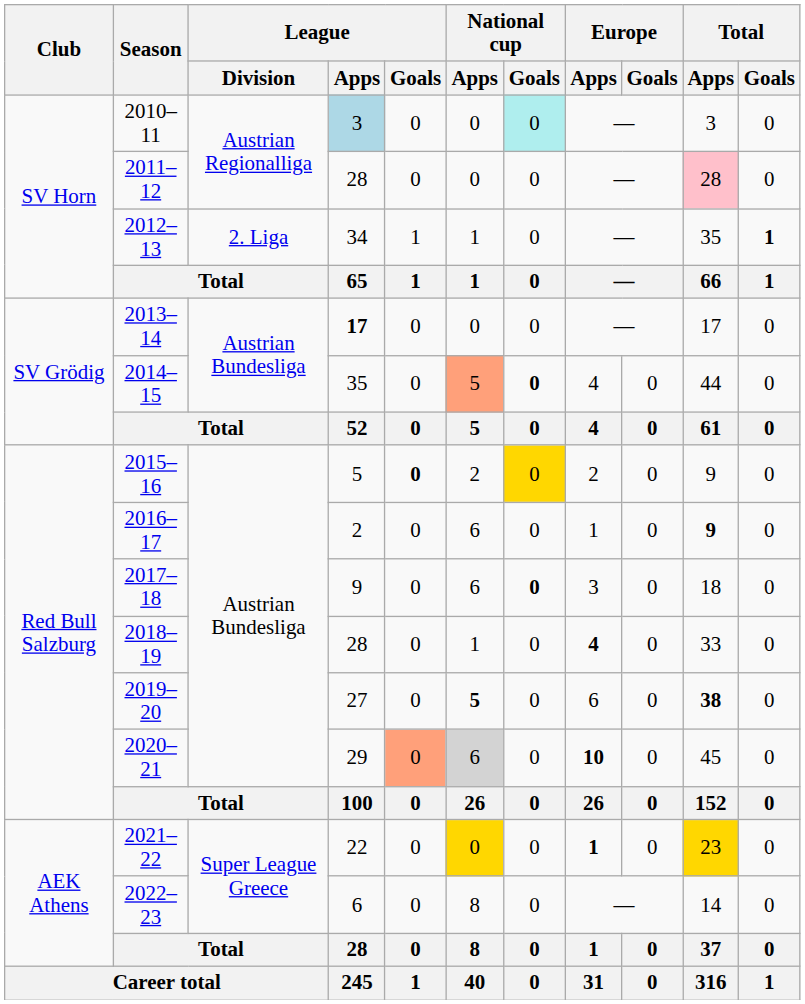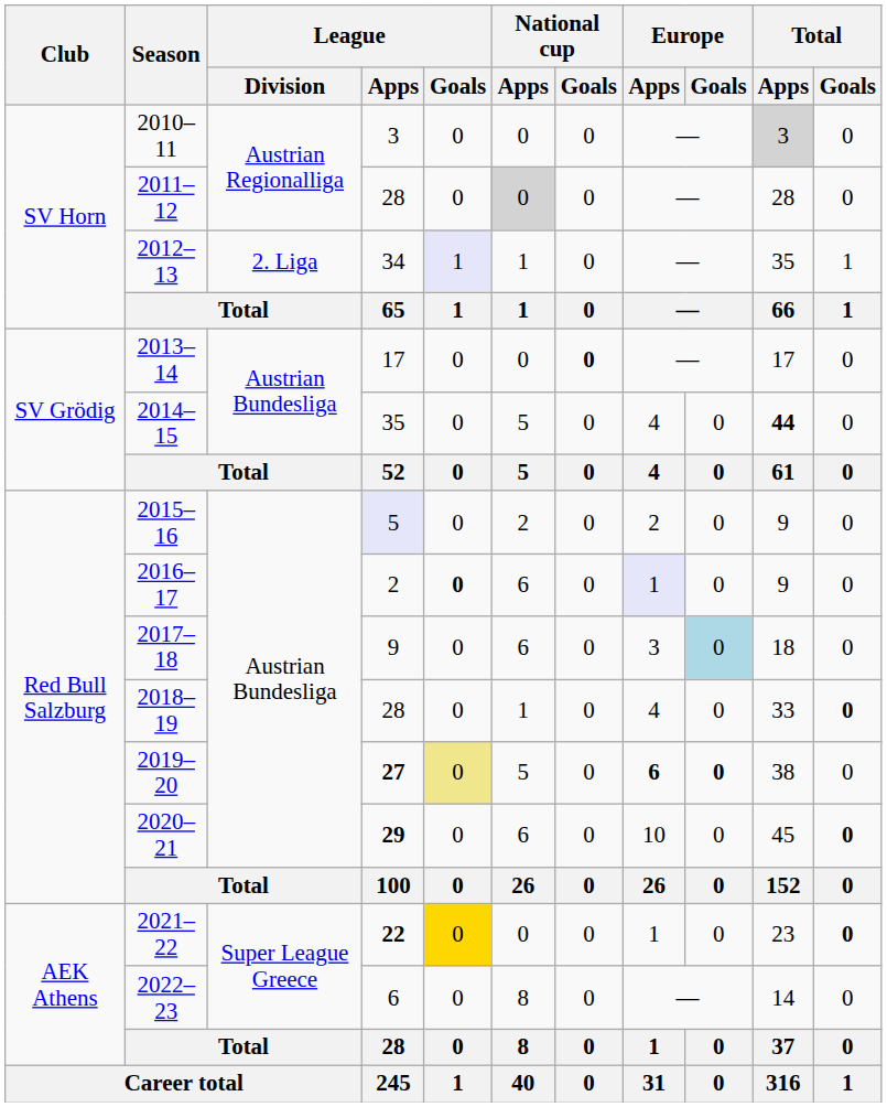 <table class="wikitable" style="text-align:center">
 <tr>
 <th rowspan="2">Club</th>
 <th rowspan="2">Season</th>
 <th colspan="3">League</th>
 <th colspan="2">National cup</th>
 <th colspan="2">Europe</th>
 <th colspan="2">Total</th>
 </tr>
 <tr>
 <th>Division</th>
 <th>Apps</th>
 <th>Goals</th>
 <th>Apps</th>
 <th>Goals</th>
 <th>Apps</th>
 <th>Goals</th>
 <th>Apps</th>
 <th>Goals</th>
 </tr>
 <tr>
 <td rowspan="4"><a href='#'>SV Horn</a></td>
 <td>2010–11</td>
 <td rowspan="2"><a href='#'>Austrian Regionalliga</a></td>
-<td style="background: lightblue;">3</td>
+<td>3</td>
 <td>0</td>
 <td>0</td>
-<td style="background: paleturquoise;">0</td>
+<td>0</td>
 <td colspan="2">—</td>
-<td>3</td>
+<td style="background: lightgrey;">3</td>
 <td>0</td>
 </tr>
 <tr>
 <td><a href='#'>2011–12</a></td>
 <td>28</td>
 <td>0</td>
-<td>0</td>
+<td style="background: lightgrey;">0</td>
 <td>0</td>
 <td colspan="2">—</td>
-<td style="background: pink;">28</td>
+<td>28</td>
 <td>0</td>
 </tr>
 <tr>
 <td><a href='#'>2012–13</a></td>
 <td><a href='#'>2. Liga</a></td>
 <td>34</td>
-<td>1</td>
+<td style="background: lavender;">1</td>
 <td>1</td>
 <td>0</td>
 <td colspan="2">—</td>
 <td>35</td>
-<td><strong>1</strong></td>
+<td>1</td>
 </tr>
 <tr>
 <th colspan="2">Total</th>
 <th>65</th>
 <th>1</th>
 <th>1</th>
 <th>0</th>
 <th colspan="2">—</th>
 <th>66</th>
 <th>1</th>
 </tr>
 <tr>
 <td rowspan="3"><a href='#'>SV Grödig</a></td>
 <td><a href='#'>2013–14</a></td>
 <td rowspan="2"><a href='#'>Austrian Bundesliga</a></td>
-<td><strong>17</strong></td>
+<td>17</td>
 <td>0</td>
 <td>0</td>
-<td>0</td>
+<td><strong>0</strong></td>
 <td colspan="2">—</td>
 <td>17</td>
 <td>0</td>
 </tr>
 <tr>
 <td><a href='#'>2014–15</a></td>
 <td>35</td>
 <td>0</td>
-<td style="background: lightsalmon;">5</td>
-<td><strong>0</strong></td>
+<td>5</td>
+<td>0</td>
 <td>4</td>
 <td>0</td>
-<td>44</td>
+<td><strong>44</strong></td>
 <td>0</td>
 </tr>
 <tr>
 <th colspan="2">Total</th>
 <th>52</th>
 <th>0</th>
 <th>5</th>
 <th>0</th>
 <th>4</th>
 <th>0</th>
 <th>61</th>
 <th>0</th>
 </tr>
 <tr>
 <td rowspan="7"><a href='#'>Red Bull Salzburg</a></td>
 <td><a href='#'>2015–16</a></td>
 <td rowspan="6">Austrian Bundesliga</td>
-<td>5</td>
-<td><strong>0</strong></td>
+<td style="background: lavender;">5</td>
+<td>0</td>
 <td>2</td>
-<td style="background: gold;">0</td>
+<td>0</td>
 <td>2</td>
 <td>0</td>
 <td>9</td>
 <td>0</td>
 </tr>
 <tr>
 <td><a href='#'>2016–17</a></td>
 <td>2</td>
-<td>0</td>
+<td><strong>0</strong></td>
 <td>6</td>
 <td>0</td>
-<td>1</td>
+<td style="background: lavender;">1</td>
 <td>0</td>
-<td><strong>9</strong></td>
+<td>9</td>
 <td>0</td>
 </tr>
 <tr>
 <td><a href='#'>2017–18</a></td>
 <td>9</td>
 <td>0</td>
 <td>6</td>
-<td><strong>0</strong></td>
+<td>0</td>
 <td>3</td>
-<td>0</td>
+<td style="background: lightblue;">0</td>
 <td>18</td>
 <td>0</td>
 </tr>
 <tr>
 <td><a href='#'>2018–19</a></td>
 <td>28</td>
 <td>0</td>
 <td>1</td>
 <td>0</td>
-<td><strong>4</strong></td>
+<td>4</td>
 <td>0</td>
 <td>33</td>
-<td>0</td>
+<td><strong>0</strong></td>
 </tr>
 <tr>
 <td><a href='#'>2019–20</a></td>
-<td>27</td>
+<td><strong>27</strong></td>
+<td style="background: khaki;">0</td>
+<td>5</td>
 <td>0</td>
-<td><strong>5</strong></td>
-<td>0</td>
-<td>6</td>
-<td>0</td>
-<td><strong>38</strong></td>
+<td><strong>6</strong></td>
+<td><strong>0</strong></td>
+<td>38</td>
 <td>0</td>
 </tr>
 <tr>
 <td><a href='#'>2020–21</a></td>
-<td>29</td>
-<td style="background: lightsalmon;">0</td>
-<td style="background: lightgrey;">6</td>
+<td><strong>29</strong></td>
 <td>0</td>
-<td><strong>10</strong></td>
+<td>6</td>
+<td>0</td>
+<td>10</td>
 <td>0</td>
 <td>45</td>
-<td>0</td>
+<td><strong>0</strong></td>
 </tr>
 <tr>
 <th colspan="2">Total</th>
 <th>100</th>
 <th>0</th>
 <th>26</th>
 <th>0</th>
 <th>26</th>
 <th>0</th>
 <th>152</th>
 <th>0</th>
 </tr>
 <tr>
 <td rowspan="3"><a href='#'>AEK Athens</a></td>
 <td><a href='#'>2021–22</a></td>
 <td rowspan="2"><a href='#'>Super League Greece</a></td>
-<td>22</td>
-<td>0</td>
+<td><strong>22</strong></td>
 <td style="background: gold;">0</td>
 <td>0</td>
-<td><strong>1</strong></td>
 <td>0</td>
-<td style="background: gold;">23</td>
+<td>1</td>
 <td>0</td>
+<td>23</td>
+<td><strong>0</strong></td>
 </tr>
 <tr>
 <td><a href='#'>2022–23</a></td>
 <td>6</td>
 <td>0</td>
 <td>8</td>
 <td>0</td>
 <td colspan="2">—</td>
 <td>14</td>
 <td>0</td>
 </tr>
 <tr>
 <th colspan="2">Total</th>
 <th>28</th>
 <th>0</th>
 <th>8</th>
 <th>0</th>
 <th>1</th>
 <th>0</th>
 <th>37</th>
 <th>0</th>
 </tr>
 <tr>
 <th colspan="3">Career total</th>
 <th>245</th>
 <th>1</th>
 <th>40</th>
 <th>0</th>
 <th>31</th>
 <th>0</th>
 <th>316</th>
 <th>1</th>
 </tr>
 </table>
